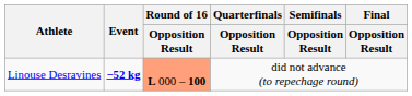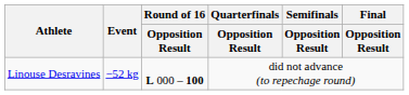 <table class="wikitable" style="font-size:90%">
 <tr>
 <th rowspan="2">Athlete</th>
 <th rowspan="2">Event</th>
 <th>Round of 16</th>
 <th>Quarterfinals</th>
 <th>Semifinals</th>
 <th>Final</th>
 </tr>
 <tr>
 <th>Opposition<br>Result</th>
 <th>Opposition<br>Result</th>
 <th>Opposition<br>Result</th>
 <th>Opposition<br>Result</th>
 </tr>
 <tr>
 <td><a href='#'>Linouse Desravines</a></td>
-<td><strong><a href='#'>−52 kg</a></strong></td>
-<td align=center style="background: lightsalmon;"><br><strong>L</strong> 000 – <strong>100</strong></td>
+<td><a href='#'>−52 kg</a></td>
+<td align=center><br><strong>L</strong> 000 – <strong>100</strong></td>
 <td align=center colspan="5">did not advance<br><em>(to repechage round)</em></td>
 </tr>
 </table>
